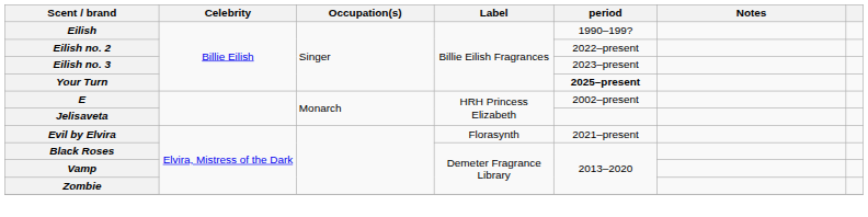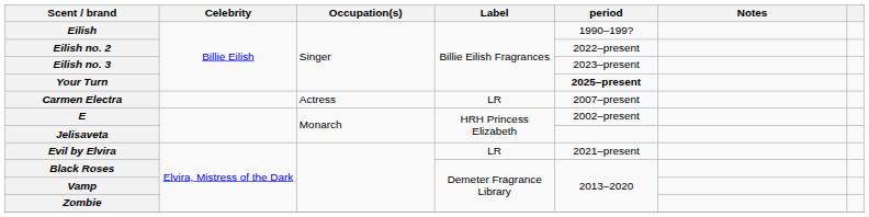 <table class="wikitable sortable plainrowheaders" font-size:95%; style="text-align:center;" width="100%;">
 <tr>
 <th scope="col" width="18%">Scent / brand</th>
 <th scope="col" width:"16%">Celebrity</th>
 <th scope="col" width="16%">Occupation(s)</th>
 <th scope="col" width="14%">Label</th>
 <th scope="col" width="12%"> period</th>
 <th scope="col" width="22%;" class="unsortable">Notes</th>
 <th scope="col" width="2%;" class="unsortable"></th>
 </tr>
 <tr>
 <th scope="row"><em>Eilish</em></th>
 <td rowspan="4"><a href='#'>Billie Eilish</a></td>
 <td rowspan="4" style="text-align:left;">Singer</td>
 <td rowspan="4">Billie Eilish Fragrances</td>
 <td>1990–199?</td>
 <td style="text-align:left;"></td>
 <td></td>
 </tr>
 <tr>
 <th scope="row"><em>Eilish no. 2</em></th>
 <td>2022–present</td>
 <td style="text-align:left;"></td>
 <td></td>
 </tr>
 <tr>
 <th scope="row"><em>Eilish no. 3</em></th>
 <td>2023–present</td>
 <td style="text-align:left;"></td>
 <td></td>
 </tr>
 <tr>
 <th scope="row"><em>Your Turn</em></th>
 <td><strong>2025–present</strong></td>
 <td style="text-align:left;"></td>
 <td></td>
 </tr>
 <tr>
+<th scope="row"><em>Carmen Electra</em></th>
+<td></td>
+<td style="text-align:left;">Actress</td>
+<td>LR</td>
+<td>2007–present</td>
+<td style="text-align:left;"></td>
+<td></td>
+</tr>
+<tr>
 <th scope="row"><em>E</em></th>
 <td rowspan="2"></td>
 <td rowspan="2" style="text-align:left;">Monarch</td>
 <td rowspan="2">HRH Princess Elizabeth</td>
 <td>2002–present</td>
 <td style="text-align:left;"></td>
 <td></td>
 </tr>
 <tr>
 <th scope="row"><em>Jelisaveta</em></th>
 <td></td>
 <td style="text-align:left;"></td>
 <td></td>
 </tr>
 <tr>
 <th scope="row"><em>Evil by Elvira</em></th>
 <td rowspan="4"><a href='#'>Elvira, Mistress of the Dark</a></td>
 <td rowspan="4" style="text-align:left;"></td>
-<td>Florasynth</td>
+<td>LR</td>
 <td>2021–present</td>
 <td style="text-align:left;"></td>
 <td></td>
 </tr>
 <tr>
 <th scope="row"><em>Black Roses</em></th>
 <td rowspan="3">Demeter Fragrance Library</td>
 <td rowspan="3">2013–2020</td>
 <td style="text-align:left;"></td>
 <td></td>
 </tr>
 <tr>
 <th scope="row"><em>Vamp</em></th>
 <td style="text-align:left;"></td>
 <td></td>
 </tr>
 <tr>
 <th scope="row"><em>Zombie</em></th>
 <td style="text-align:left;"></td>
 <td></td>
 </tr>
 <tr>
 </tr>
 </table>
